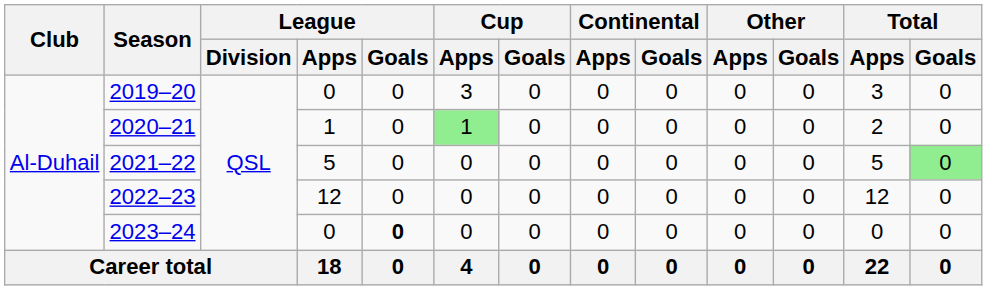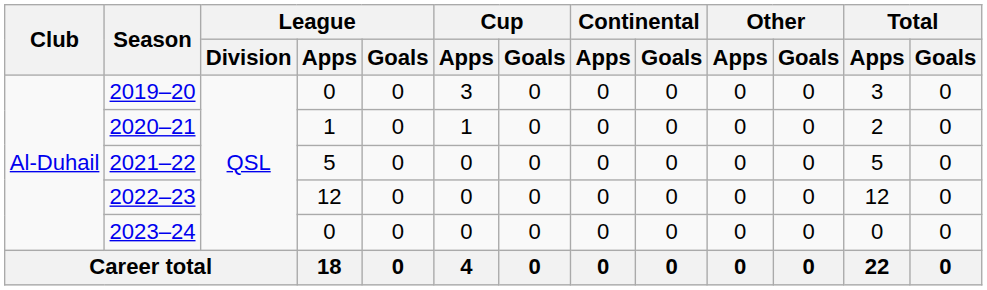 <table class="wikitable" style="text-align: center">
 <tr>
 <th rowspan="2">Club</th>
 <th rowspan="2">Season</th>
 <th colspan="3">League</th>
 <th colspan="2">Cup</th>
 <th colspan="2">Continental</th>
 <th colspan="2">Other</th>
 <th colspan="2">Total</th>
 </tr>
 <tr>
 <th>Division</th>
 <th>Apps</th>
 <th>Goals</th>
 <th>Apps</th>
 <th>Goals</th>
 <th>Apps</th>
 <th>Goals</th>
 <th>Apps</th>
 <th>Goals</th>
 <th>Apps</th>
 <th>Goals</th>
 </tr>
 <tr>
 <td rowspan="5"><a href='#'>Al-Duhail</a></td>
 <td><a href='#'>2019–20</a></td>
 <td rowspan="5"><a href='#'>QSL</a></td>
 <td>0</td>
 <td>0</td>
 <td>3</td>
 <td>0</td>
 <td>0</td>
 <td>0</td>
 <td>0</td>
 <td>0</td>
 <td>3</td>
 <td>0</td>
 </tr>
 <tr>
 <td><a href='#'>2020–21</a></td>
 <td>1</td>
 <td>0</td>
-<td style="background: lightgreen;">1</td>
+<td>1</td>
 <td>0</td>
 <td>0</td>
 <td>0</td>
 <td>0</td>
 <td>0</td>
 <td>2</td>
 <td>0</td>
 </tr>
 <tr>
 <td><a href='#'>2021–22</a></td>
 <td>5</td>
 <td>0</td>
 <td>0</td>
 <td>0</td>
 <td>0</td>
 <td>0</td>
 <td>0</td>
 <td>0</td>
 <td>5</td>
-<td style="background: lightgreen;">0</td>
+<td>0</td>
 </tr>
 <tr>
 <td><a href='#'>2022–23</a></td>
 <td>12</td>
 <td>0</td>
 <td>0</td>
 <td>0</td>
 <td>0</td>
 <td>0</td>
 <td>0</td>
 <td>0</td>
 <td>12</td>
 <td>0</td>
 </tr>
 <tr>
 <td><a href='#'>2023–24</a></td>
 <td>0</td>
-<td><strong>0</strong></td>
+<td>0</td>
 <td>0</td>
 <td>0</td>
 <td>0</td>
 <td>0</td>
 <td>0</td>
 <td>0</td>
 <td>0</td>
 <td>0</td>
 </tr>
 <tr>
 <th colspan=3>Career total</th>
 <th>18</th>
 <th>0</th>
 <th>4</th>
 <th>0</th>
 <th>0</th>
 <th>0</th>
 <th>0</th>
 <th>0</th>
 <th>22</th>
 <th>0</th>
 </tr>
 </table>
